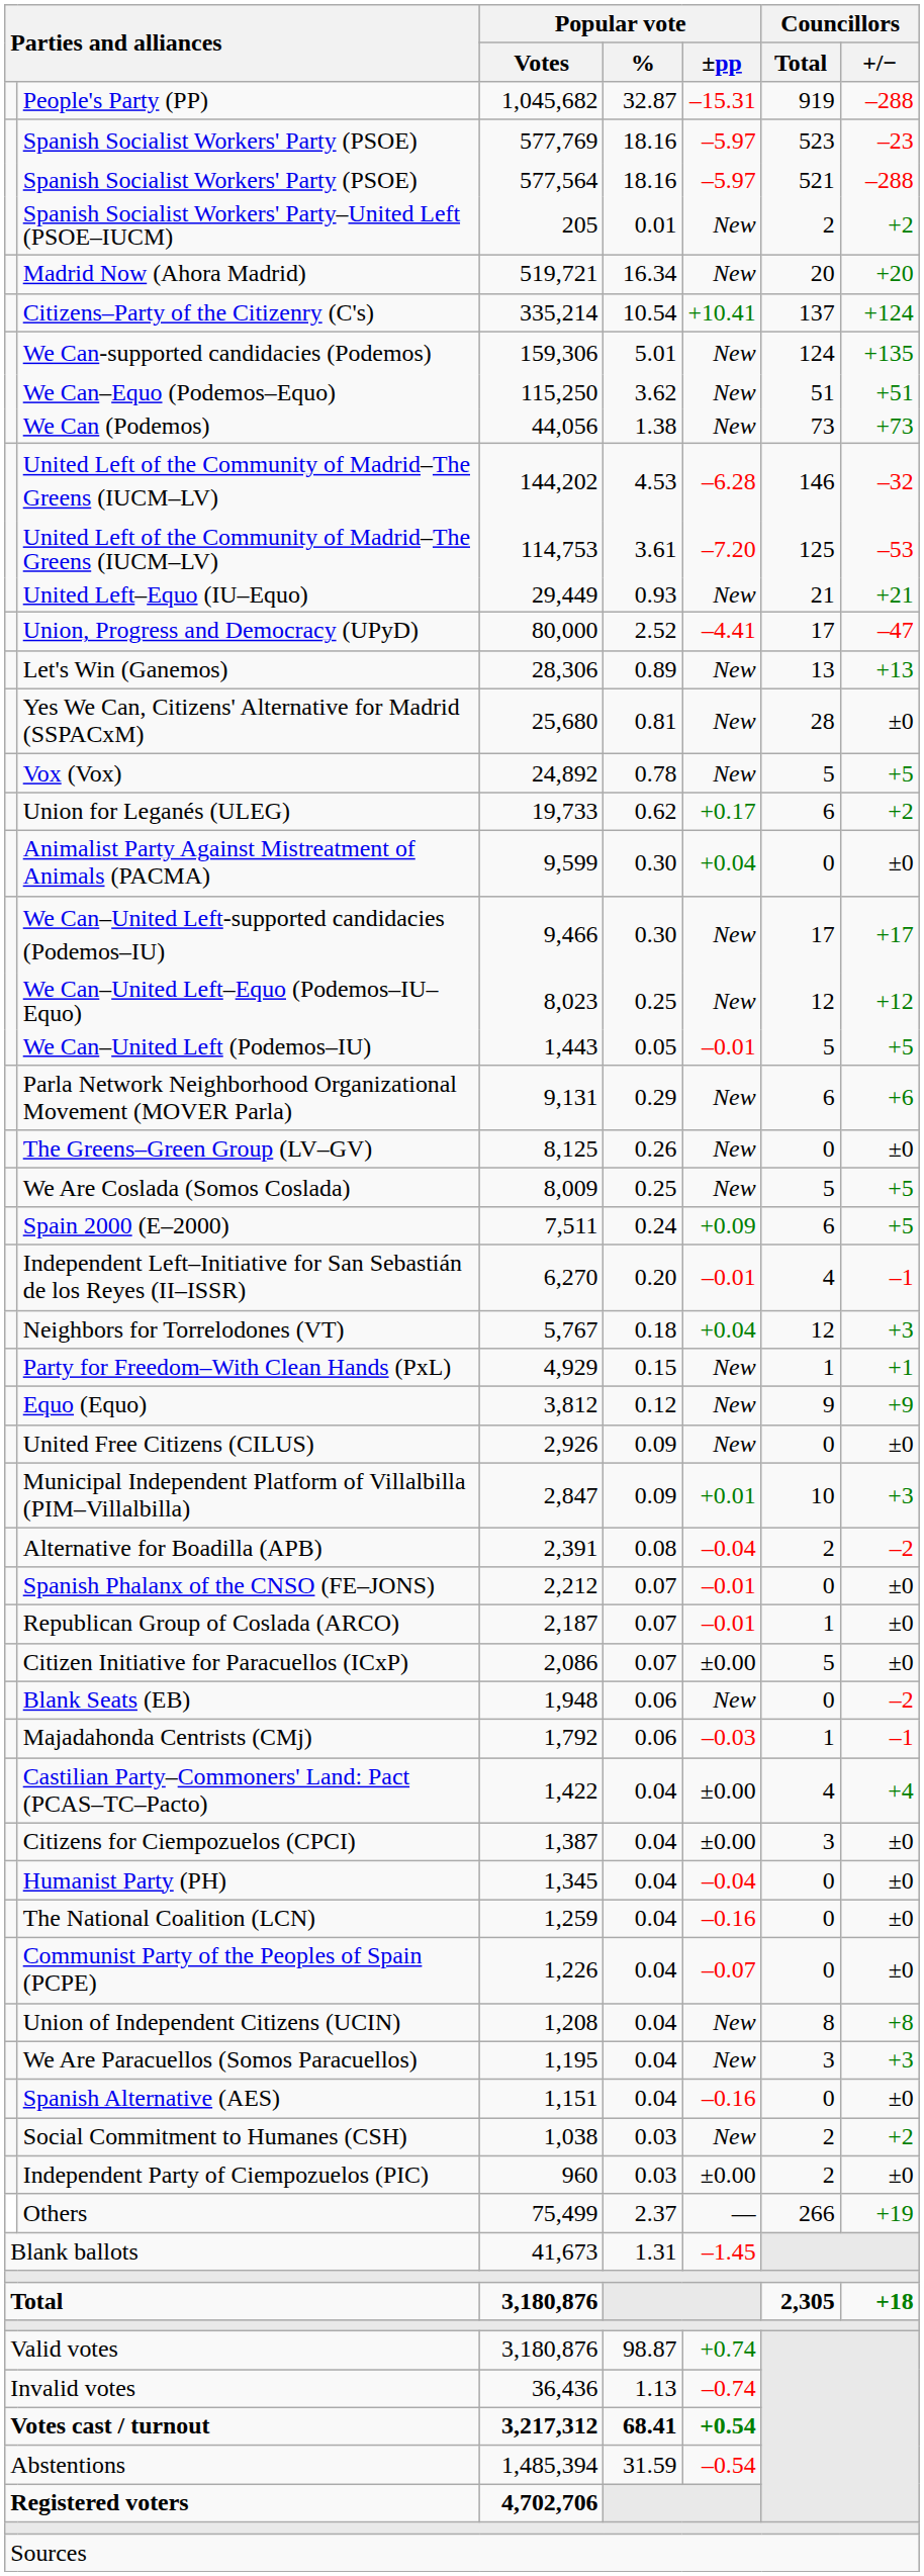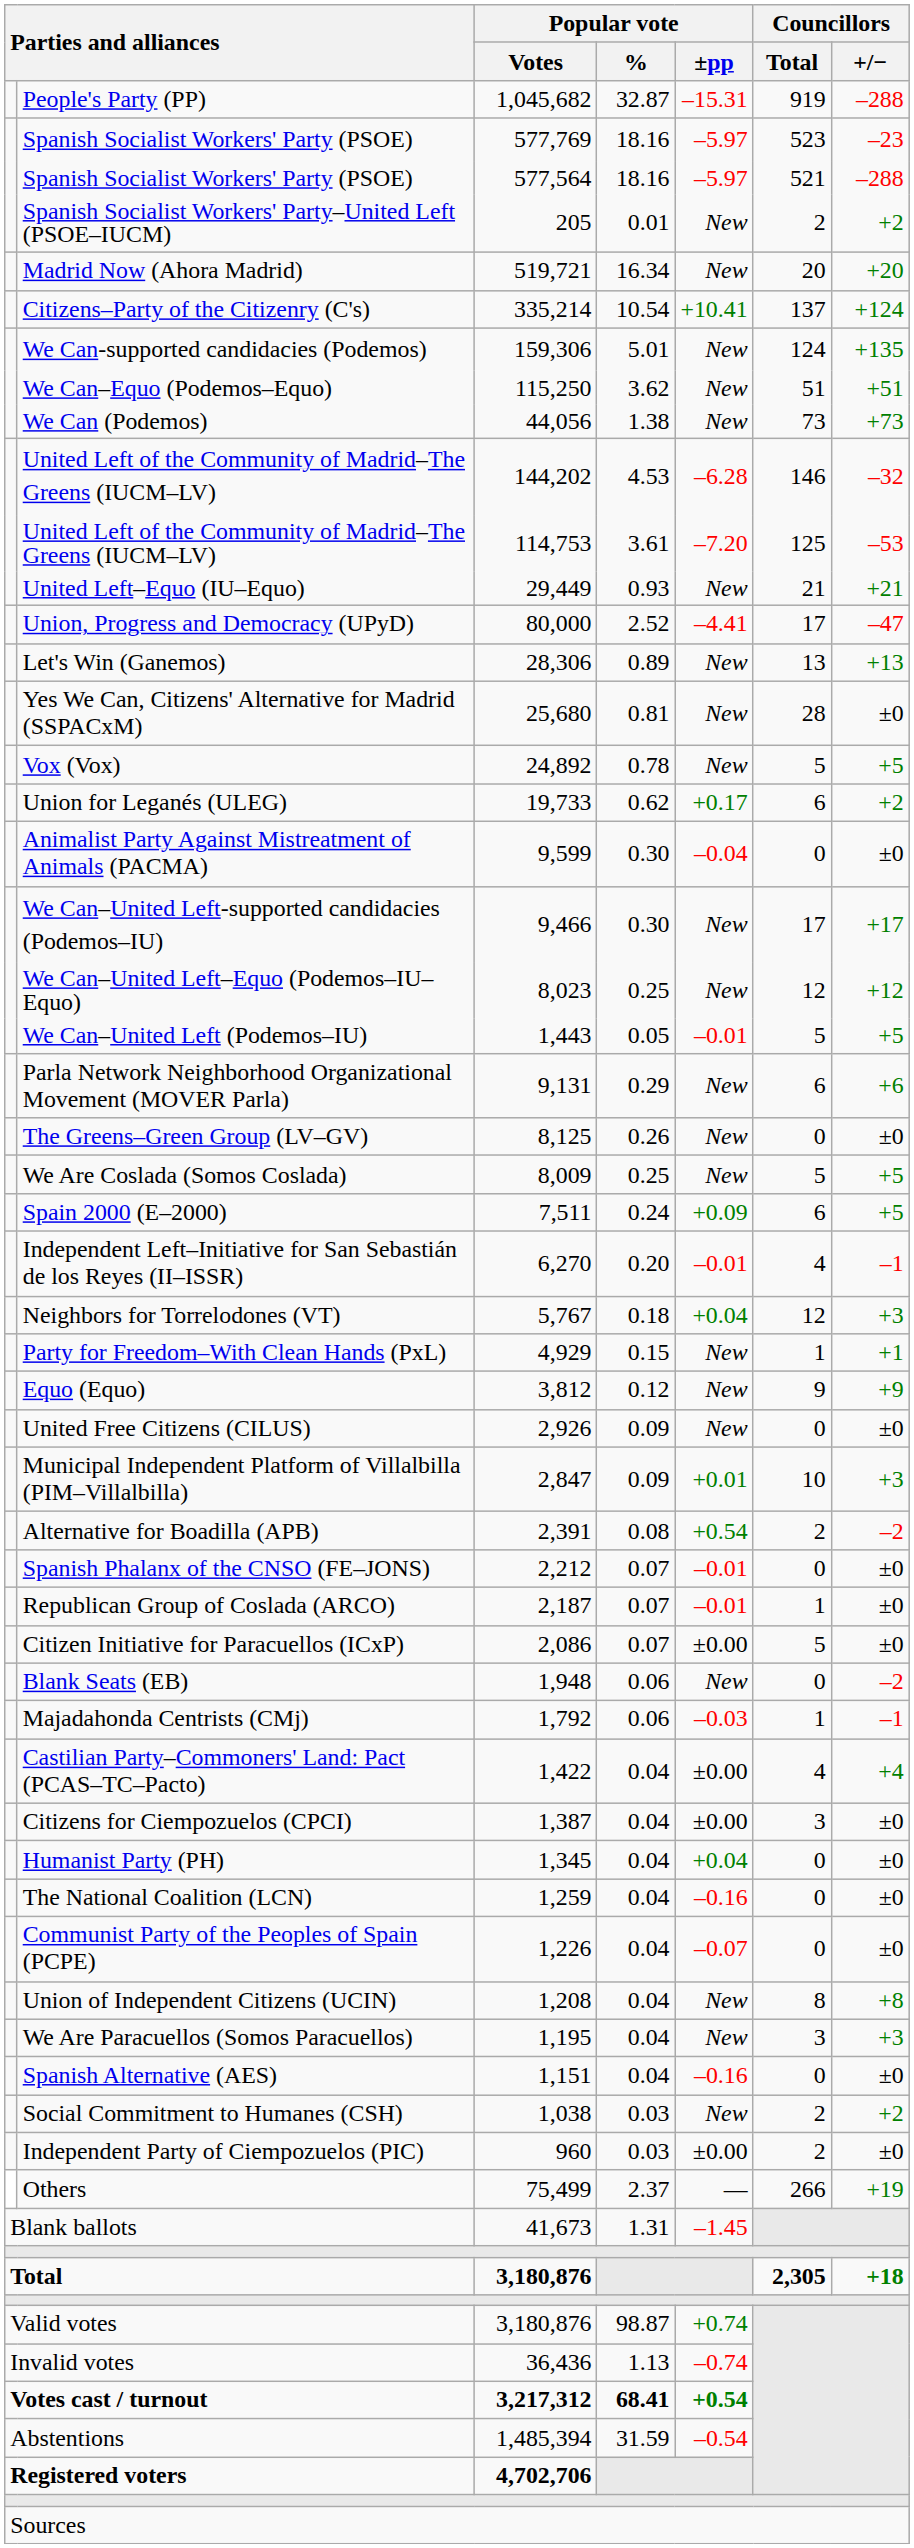 <table class="wikitable" style="text-align:right;">
 <tr>
 <th style="text-align:left;" rowspan="2" colspan="2" width="525">Parties and alliances</th>
 <th colspan="3">Popular vote</th>
 <th colspan="2">Councillors</th>
 </tr>
 <tr>
 <th width="75">Votes</th>
 <th width="45">%</th>
 <th width="45">±<a href='#'>pp</a></th>
 <th width="45">Total</th>
 <th width="45">+/−</th>
 </tr>
 <tr>
 <td width="1" style="color:inherit;background:"></td>
 <td align="left"><a href='#'>People's Party</a> (PP)</td>
 <td>1,045,682</td>
 <td>32.87</td>
 <td style="color:red;">–15.31</td>
 <td>919</td>
 <td style="color:red;">–288</td>
 </tr>
 <tr style="line-height:22px;">
 <td rowspan="3" style="color:inherit;background:"></td>
 <td align="left"><a href='#'>Spanish Socialist Workers' Party</a> (PSOE)</td>
 <td>577,769</td>
 <td>18.16</td>
 <td style="color:red;">–5.97</td>
 <td>523</td>
 <td style="color:red;">–23</td>
 </tr>
 <tr style="border-bottom-style:hidden; border-top-style:hidden; line-height:16px;">
 <td align="left"><span><a href='#'>Spanish Socialist Workers' Party</a> (PSOE)</span></td>
 <td>577,564</td>
 <td>18.16</td>
 <td style="color:red;">–5.97</td>
 <td>521</td>
 <td style="color:red;">–288</td>
 </tr>
 <tr style="line-height:16px;">
 <td align="left"><span><a href='#'>Spanish Socialist Workers' Party</a>–<a href='#'>United Left</a> (PSOE–IUCM)</span></td>
 <td>205</td>
 <td>0.01</td>
 <td><em>New</em></td>
 <td>2</td>
 <td style="color:green;">+2</td>
 </tr>
 <tr>
 <td style="color:inherit;background:"></td>
 <td align="left"><a href='#'>Madrid Now</a> (Ahora Madrid)</td>
 <td>519,721</td>
 <td>16.34</td>
 <td><em>New</em></td>
 <td>20</td>
 <td style="color:green;">+20</td>
 </tr>
 <tr>
 <td style="color:inherit;background:"></td>
 <td align="left"><a href='#'>Citizens–Party of the Citizenry</a> (C's)</td>
 <td>335,214</td>
 <td>10.54</td>
 <td style="color:green;">+10.41</td>
 <td>137</td>
 <td style="color:green;">+124</td>
 </tr>
 <tr style="line-height:22px;">
 <td rowspan="3" style="color:inherit;background:"></td>
 <td align="left"><a href='#'>We Can</a>-supported candidacies (Podemos)</td>
 <td>159,306</td>
 <td>5.01</td>
 <td><em>New</em></td>
 <td>124</td>
 <td style="color:green;">+135</td>
 </tr>
 <tr style="border-bottom-style:hidden; border-top-style:hidden; line-height:16px;">
 <td align="left"><span><a href='#'>We Can</a>–<a href='#'>Equo</a> (Podemos–Equo)</span></td>
 <td>115,250</td>
 <td>3.62</td>
 <td><em>New</em></td>
 <td>51</td>
 <td style="color:green;">+51</td>
 </tr>
 <tr style="line-height:16px;">
 <td align="left"><span><a href='#'>We Can</a> (Podemos)</span></td>
 <td>44,056</td>
 <td>1.38</td>
 <td><em>New</em></td>
 <td>73</td>
 <td style="color:green;">+73</td>
 </tr>
 <tr style="line-height:22px;">
 <td rowspan="3" style="color:inherit;background:"></td>
 <td align="left"><a href='#'>United Left of the Community of Madrid</a>–<a href='#'>The Greens</a> (IUCM–LV)</td>
 <td>144,202</td>
 <td>4.53</td>
 <td style="color:red;">–6.28</td>
 <td>146</td>
 <td style="color:red;">–32</td>
 </tr>
 <tr style="border-bottom-style:hidden; border-top-style:hidden; line-height:16px;">
 <td align="left"><span><a href='#'>United Left of the Community of Madrid</a>–<a href='#'>The Greens</a> (IUCM–LV)</span></td>
 <td>114,753</td>
 <td>3.61</td>
 <td style="color:red;">–7.20</td>
 <td>125</td>
 <td style="color:red;">–53</td>
 </tr>
 <tr style="line-height:16px;">
 <td align="left"><span><a href='#'>United Left</a>–<a href='#'>Equo</a> (IU–Equo)</span></td>
 <td>29,449</td>
 <td>0.93</td>
 <td><em>New</em></td>
 <td>21</td>
 <td style="color:green;">+21</td>
 </tr>
 <tr>
 <td style="color:inherit;background:"></td>
 <td align="left"><a href='#'>Union, Progress and Democracy</a> (UPyD)</td>
 <td>80,000</td>
 <td>2.52</td>
 <td style="color:red;">–4.41</td>
 <td>17</td>
 <td style="color:red;">–47</td>
 </tr>
 <tr>
 <td style="color:inherit;background:"></td>
 <td align="left">Let's Win (Ganemos)</td>
 <td>28,306</td>
 <td>0.89</td>
 <td><em>New</em></td>
 <td>13</td>
 <td style="color:green;">+13</td>
 </tr>
 <tr>
 <td style="color:inherit;background:"></td>
 <td align="left">Yes We Can, Citizens' Alternative for Madrid (SSPACxM)</td>
 <td>25,680</td>
 <td>0.81</td>
 <td><em>New</em></td>
 <td>28</td>
 <td>±0</td>
 </tr>
 <tr>
 <td style="color:inherit;background:"></td>
 <td align="left"><a href='#'>Vox</a> (Vox)</td>
 <td>24,892</td>
 <td>0.78</td>
 <td><em>New</em></td>
 <td>5</td>
 <td style="color:green;">+5</td>
 </tr>
 <tr>
 <td style="color:inherit;background:"></td>
 <td align="left">Union for Leganés (ULEG)</td>
 <td>19,733</td>
 <td>0.62</td>
 <td style="color:green;">+0.17</td>
 <td>6</td>
 <td style="color:green;">+2</td>
 </tr>
 <tr>
 <td style="color:inherit;background:"></td>
 <td align="left"><a href='#'>Animalist Party Against Mistreatment of Animals</a> (PACMA)</td>
 <td>9,599</td>
 <td>0.30</td>
-<td style="color:green;">+0.04</td>
+<td style="color:red;">–0.04</td>
 <td>0</td>
 <td>±0</td>
 </tr>
 <tr style="line-height:22px;">
 <td rowspan="3" style="color:inherit;background:"></td>
 <td align="left"><a href='#'>We Can</a>–<a href='#'>United Left</a>-supported candidacies (Podemos–IU)</td>
 <td>9,466</td>
 <td>0.30</td>
 <td><em>New</em></td>
 <td>17</td>
 <td style="color:green;">+17</td>
 </tr>
 <tr style="border-bottom-style:hidden; border-top-style:hidden; line-height:16px;">
 <td align="left"><span><a href='#'>We Can</a>–<a href='#'>United Left</a>–<a href='#'>Equo</a> (Podemos–IU–Equo)</span></td>
 <td>8,023</td>
 <td>0.25</td>
 <td><em>New</em></td>
 <td>12</td>
 <td style="color:green;">+12</td>
 </tr>
 <tr style="line-height:16px;">
 <td align="left"><span><a href='#'>We Can</a>–<a href='#'>United Left</a> (Podemos–IU)</span></td>
 <td>1,443</td>
 <td>0.05</td>
 <td style="color:red;">–0.01</td>
 <td>5</td>
 <td style="color:green;">+5</td>
 </tr>
 <tr>
 <td style="color:inherit;background:"></td>
 <td align="left">Parla Network Neighborhood Organizational Movement (MOVER Parla)</td>
 <td>9,131</td>
 <td>0.29</td>
 <td><em>New</em></td>
 <td>6</td>
 <td style="color:green;">+6</td>
 </tr>
 <tr>
 <td style="color:inherit;background:"></td>
 <td align="left"><a href='#'>The Greens–Green Group</a> (LV–GV)</td>
 <td>8,125</td>
 <td>0.26</td>
 <td><em>New</em></td>
 <td>0</td>
 <td>±0</td>
 </tr>
 <tr>
 <td style="color:inherit;background:"></td>
 <td align="left">We Are Coslada (Somos Coslada)</td>
 <td>8,009</td>
 <td>0.25</td>
 <td><em>New</em></td>
 <td>5</td>
 <td style="color:green;">+5</td>
 </tr>
 <tr>
 <td style="color:inherit;background:"></td>
 <td align="left"><a href='#'>Spain 2000</a> (E–2000)</td>
 <td>7,511</td>
 <td>0.24</td>
 <td style="color:green;">+0.09</td>
 <td>6</td>
 <td style="color:green;">+5</td>
 </tr>
 <tr>
 <td style="color:inherit;background:"></td>
 <td align="left">Independent Left–Initiative for San Sebastián de los Reyes (II–ISSR)</td>
 <td>6,270</td>
 <td>0.20</td>
 <td style="color:red;">–0.01</td>
 <td>4</td>
 <td style="color:red;">–1</td>
 </tr>
 <tr>
 <td style="color:inherit;background:"></td>
 <td align="left">Neighbors for Torrelodones (VT)</td>
 <td>5,767</td>
 <td>0.18</td>
 <td style="color:green;">+0.04</td>
 <td>12</td>
 <td style="color:green;">+3</td>
 </tr>
 <tr>
 <td style="color:inherit;background:"></td>
 <td align="left"><a href='#'>Party for Freedom–With Clean Hands</a> (PxL)</td>
 <td>4,929</td>
 <td>0.15</td>
 <td><em>New</em></td>
 <td>1</td>
 <td style="color:green;">+1</td>
 </tr>
 <tr>
 <td style="color:inherit;background:"></td>
 <td align="left"><a href='#'>Equo</a> (Equo)</td>
 <td>3,812</td>
 <td>0.12</td>
 <td><em>New</em></td>
 <td>9</td>
 <td style="color:green;">+9</td>
 </tr>
 <tr>
 <td style="color:inherit;background:"></td>
 <td align="left">United Free Citizens (CILUS)</td>
 <td>2,926</td>
 <td>0.09</td>
 <td><em>New</em></td>
 <td>0</td>
 <td>±0</td>
 </tr>
 <tr>
 <td style="color:inherit;background:"></td>
 <td align="left">Municipal Independent Platform of Villalbilla (PIM–Villalbilla)</td>
 <td>2,847</td>
 <td>0.09</td>
 <td style="color:green;">+0.01</td>
 <td>10</td>
 <td style="color:green;">+3</td>
 </tr>
 <tr>
 <td style="color:inherit;background:"></td>
 <td align="left">Alternative for Boadilla (APB)</td>
 <td>2,391</td>
 <td>0.08</td>
-<td style="color:red;">–0.04</td>
+<td style="color:green;">+0.54</td>
 <td>2</td>
 <td style="color:red;">–2</td>
 </tr>
 <tr>
 <td style="color:inherit;background:"></td>
 <td align="left"><a href='#'>Spanish Phalanx of the CNSO</a> (FE–JONS)</td>
 <td>2,212</td>
 <td>0.07</td>
 <td style="color:red;">–0.01</td>
 <td>0</td>
 <td>±0</td>
 </tr>
 <tr>
 <td style="color:inherit;background:"></td>
 <td align="left">Republican Group of Coslada (ARCO)</td>
 <td>2,187</td>
 <td>0.07</td>
 <td style="color:red;">–0.01</td>
 <td>1</td>
 <td>±0</td>
 </tr>
 <tr>
 <td style="color:inherit;background:"></td>
 <td align="left">Citizen Initiative for Paracuellos (ICxP)</td>
 <td>2,086</td>
 <td>0.07</td>
 <td>±0.00</td>
 <td>5</td>
 <td>±0</td>
 </tr>
 <tr>
 <td style="color:inherit;background:"></td>
 <td align="left"><a href='#'>Blank Seats</a> (EB)</td>
 <td>1,948</td>
 <td>0.06</td>
 <td><em>New</em></td>
 <td>0</td>
 <td style="color:red;">–2</td>
 </tr>
 <tr>
 <td style="color:inherit;background:"></td>
 <td align="left">Majadahonda Centrists (CMj)</td>
 <td>1,792</td>
 <td>0.06</td>
 <td style="color:red;">–0.03</td>
 <td>1</td>
 <td style="color:red;">–1</td>
 </tr>
 <tr>
 <td style="color:inherit;background:"></td>
 <td align="left"><a href='#'>Castilian Party</a>–<a href='#'>Commoners' Land: Pact</a> (PCAS–TC–Pacto)</td>
 <td>1,422</td>
 <td>0.04</td>
 <td>±0.00</td>
 <td>4</td>
 <td style="color:green;">+4</td>
 </tr>
 <tr>
 <td style="color:inherit;background:"></td>
 <td align="left">Citizens for Ciempozuelos (CPCI)</td>
 <td>1,387</td>
 <td>0.04</td>
 <td>±0.00</td>
 <td>3</td>
 <td>±0</td>
 </tr>
 <tr>
 <td style="color:inherit;background:"></td>
 <td align="left"><a href='#'>Humanist Party</a> (PH)</td>
 <td>1,345</td>
 <td>0.04</td>
-<td style="color:red;">–0.04</td>
+<td style="color:green;">+0.04</td>
 <td>0</td>
 <td>±0</td>
 </tr>
 <tr>
 <td style="color:inherit;background:"></td>
 <td align="left">The National Coalition (LCN)</td>
 <td>1,259</td>
 <td>0.04</td>
 <td style="color:red;">–0.16</td>
 <td>0</td>
 <td>±0</td>
 </tr>
 <tr>
 <td style="color:inherit;background:"></td>
 <td align="left"><a href='#'>Communist Party of the Peoples of Spain</a> (PCPE)</td>
 <td>1,226</td>
 <td>0.04</td>
 <td style="color:red;">–0.07</td>
 <td>0</td>
 <td>±0</td>
 </tr>
 <tr>
 <td style="color:inherit;background:"></td>
 <td align="left">Union of Independent Citizens (UCIN)</td>
 <td>1,208</td>
 <td>0.04</td>
 <td><em>New</em></td>
 <td>8</td>
 <td style="color:green;">+8</td>
 </tr>
 <tr>
 <td style="color:inherit;background:"></td>
 <td align="left">We Are Paracuellos (Somos Paracuellos)</td>
 <td>1,195</td>
 <td>0.04</td>
 <td><em>New</em></td>
 <td>3</td>
 <td style="color:green;">+3</td>
 </tr>
 <tr>
 <td style="color:inherit;background:"></td>
 <td align="left"><a href='#'>Spanish Alternative</a> (AES)</td>
 <td>1,151</td>
 <td>0.04</td>
 <td style="color:red;">–0.16</td>
 <td>0</td>
 <td>±0</td>
 </tr>
 <tr>
 <td style="color:inherit;background:"></td>
 <td align="left">Social Commitment to Humanes (CSH)</td>
 <td>1,038</td>
 <td>0.03</td>
 <td><em>New</em></td>
 <td>2</td>
 <td style="color:green;">+2</td>
 </tr>
 <tr>
 <td style="color:inherit;background:"></td>
 <td align="left">Independent Party of Ciempozuelos (PIC)</td>
 <td>960</td>
 <td>0.03</td>
 <td>±0.00</td>
 <td>2</td>
 <td>±0</td>
 </tr>
 <tr>
 <td bgcolor="white"></td>
 <td align="left">Others</td>
 <td>75,499</td>
 <td>2.37</td>
 <td>—</td>
 <td>266</td>
 <td style="color:green;">+19</td>
 </tr>
 <tr>
 <td align="left" colspan="2">Blank ballots</td>
 <td>41,673</td>
 <td>1.31</td>
 <td style="color:red;">–1.45</td>
 <td bgcolor="#E9E9E9" colspan="2"></td>
 </tr>
 <tr>
 <td colspan="7" bgcolor="#E9E9E9"></td>
 </tr>
 <tr style="font-weight:bold;">
 <td align="left" colspan="2">Total</td>
 <td>3,180,876</td>
 <td bgcolor="#E9E9E9" colspan="2"></td>
 <td>2,305</td>
 <td style="color:green;">+18</td>
 </tr>
 <tr>
 <td colspan="7" bgcolor="#E9E9E9"></td>
 </tr>
 <tr>
 <td align="left" colspan="2">Valid votes</td>
 <td>3,180,876</td>
 <td>98.87</td>
 <td style="color:green;">+0.74</td>
 <td bgcolor="#E9E9E9" colspan="2" rowspan="5"></td>
 </tr>
 <tr>
 <td align="left" colspan="2">Invalid votes</td>
 <td>36,436</td>
 <td>1.13</td>
 <td style="color:red;">–0.74</td>
 </tr>
 <tr style="font-weight:bold;">
 <td align="left" colspan="2">Votes cast / turnout</td>
 <td>3,217,312</td>
 <td>68.41</td>
 <td style="color:green;">+0.54</td>
 </tr>
 <tr>
 <td align="left" colspan="2">Abstentions</td>
 <td>1,485,394</td>
 <td>31.59</td>
 <td style="color:red;">–0.54</td>
 </tr>
 <tr style="font-weight:bold;">
 <td align="left" colspan="2">Registered voters</td>
 <td>4,702,706</td>
 <td bgcolor="#E9E9E9" colspan="2"></td>
 </tr>
 <tr>
 <td colspan="7" bgcolor="#E9E9E9"></td>
 </tr>
 <tr>
 <td align="left" colspan="7">Sources</td>
 </tr>
 </table>
